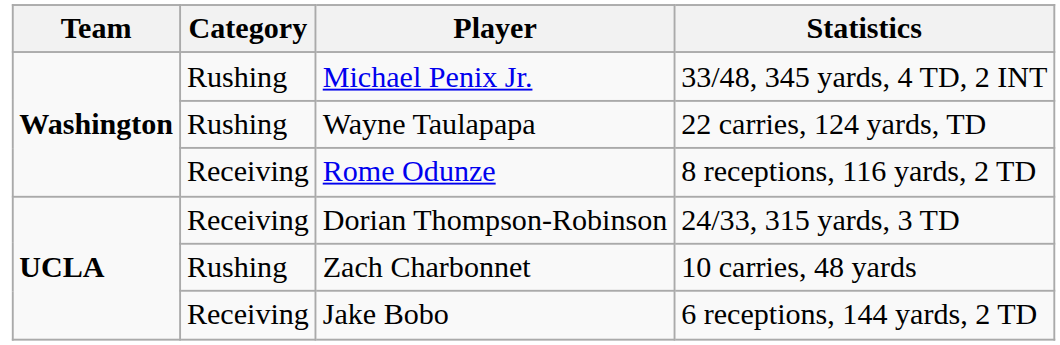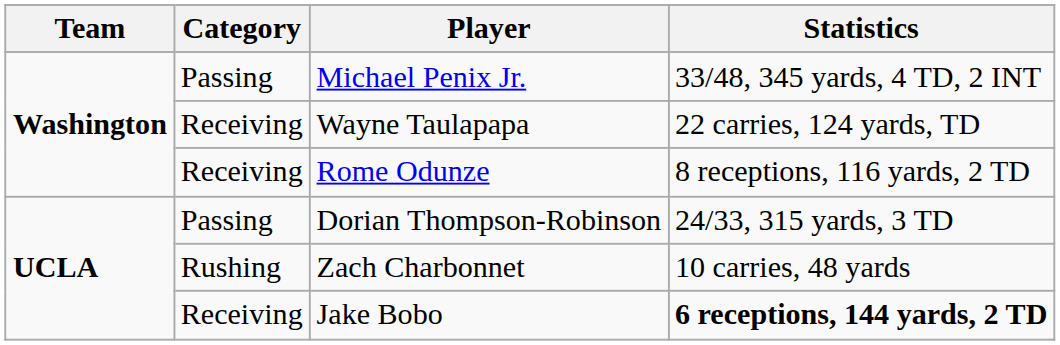 <table class="wikitable" style="float: right;">
 <tr>
 <th>Team</th>
 <th>Category</th>
 <th>Player</th>
 <th>Statistics</th>
 </tr>
 <tr>
 <td rowspan=3><strong>Washington</strong></td>
-<td>Rushing</td>
+<td>Passing</td>
 <td><a href='#'>Michael Penix Jr.</a></td>
 <td>33/48, 345 yards, 4 TD, 2 INT</td>
 </tr>
 <tr>
-<td>Rushing</td>
+<td>Receiving</td>
 <td>Wayne Taulapapa</td>
 <td>22 carries, 124 yards, TD</td>
 </tr>
 <tr>
 <td>Receiving</td>
 <td><a href='#'>Rome Odunze</a></td>
 <td>8 receptions, 116 yards, 2 TD</td>
 </tr>
 <tr>
 <td rowspan=3><strong>UCLA</strong></td>
-<td>Receiving</td>
+<td>Passing</td>
 <td>Dorian Thompson-Robinson</td>
 <td>24/33, 315 yards, 3 TD</td>
 </tr>
 <tr>
 <td>Rushing</td>
 <td>Zach Charbonnet</td>
 <td>10 carries, 48 yards</td>
 </tr>
 <tr>
 <td>Receiving</td>
 <td>Jake Bobo</td>
-<td>6 receptions, 144 yards, 2 TD</td>
+<td><strong>6 receptions, 144 yards, 2 TD</strong></td>
 </tr>
 </table>
